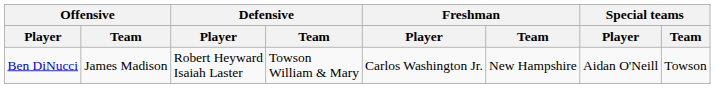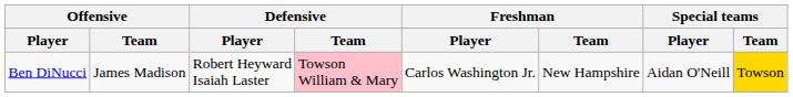 <table class="wikitable" border="1">
 <tr>
 <th colspan="2">Offensive</th>
 <th colspan="2">Defensive</th>
 <th colspan="2">Freshman</th>
 <th colspan="2">Special teams</th>
 </tr>
 <tr>
 <th>Player</th>
 <th>Team</th>
 <th>Player</th>
 <th>Team</th>
 <th>Player</th>
 <th>Team</th>
 <th>Player</th>
 <th>Team</th>
 </tr>
 <tr>
 <td><a href='#'>Ben DiNucci</a></td>
 <td>James Madison</td>
 <td>Robert Heyward<br>Isaiah Laster</td>
-<td>Towson<br>William & Mary</td>
+<td style="background: pink;">Towson<br>William & Mary</td>
 <td>Carlos Washington Jr.</td>
 <td>New Hampshire</td>
 <td>Aidan O'Neill</td>
-<td>Towson</td>
+<td style="background: gold;">Towson</td>
 </tr>
 </table>
